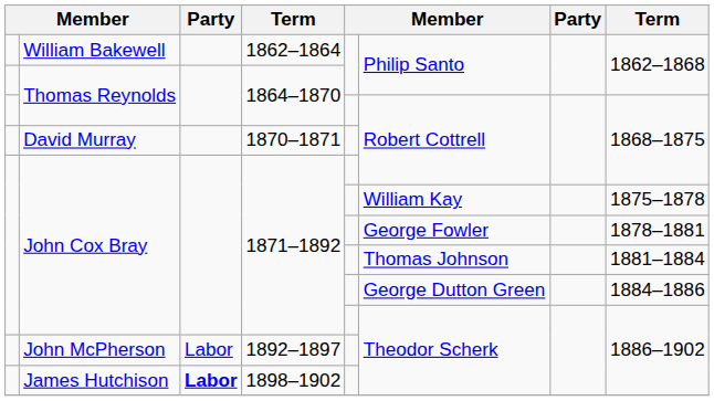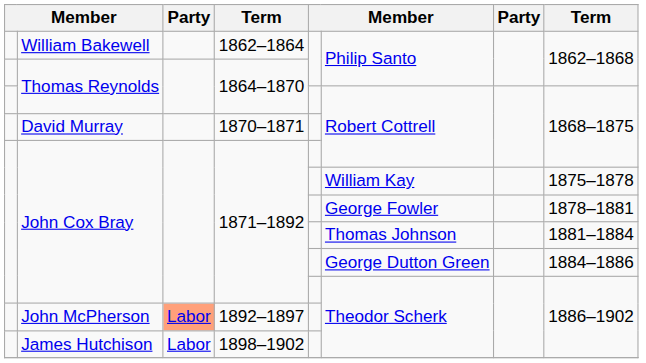 <table class="wikitable">
 <tr>
 <th colspan=2>Member</th>
 <th>Party</th>
 <th>Term</th>
 <th colspan=2>Member</th>
 <th>Party</th>
 <th>Term</th>
 </tr>
 <tr>
 <td> </td>
 <td><a href='#'>William Bakewell</a></td>
 <td></td>
 <td>1862–1864</td>
 <td rowspan=2 > </td>
 <td rowspan=2><a href='#'>Philip Santo</a></td>
 <td rowspan=2></td>
 <td rowspan=2>1862–1868</td>
 </tr>
 <tr>
 <td> </td>
 <td rowspan=2><a href='#'>Thomas Reynolds</a></td>
 <td rowspan=2></td>
 <td rowspan=2>1864–1870</td>
 </tr>
 <tr>
 <td> </td>
 <td> </td>
 <td rowspan=3><a href='#'>Robert Cottrell</a></td>
 <td rowspan=3></td>
 <td rowspan=3>1868–1875</td>
 </tr>
 <tr>
 <td> </td>
 <td><a href='#'>David Murray</a></td>
 <td></td>
 <td>1870–1871</td>
 <td> </td>
 </tr>
 <tr>
 <td rowspan=6 > </td>
 <td rowspan=6><a href='#'>John Cox Bray</a></td>
 <td rowspan=6></td>
 <td rowspan=6>1871–1892</td>
 <td> </td>
 </tr>
 <tr>
 <td> </td>
 <td><a href='#'>William Kay</a></td>
 <td></td>
 <td>1875–1878</td>
 </tr>
 <tr>
 <td> </td>
 <td><a href='#'>George Fowler</a></td>
 <td></td>
 <td>1878–1881</td>
 </tr>
 <tr>
 <td> </td>
 <td><a href='#'>Thomas Johnson</a></td>
 <td></td>
 <td>1881–1884</td>
 </tr>
 <tr>
 <td> </td>
 <td><a href='#'>George Dutton Green</a></td>
 <td></td>
 <td>1884–1886</td>
 </tr>
 <tr>
 <td> </td>
 <td rowspan=3><a href='#'>Theodor Scherk</a></td>
 <td rowspan=3></td>
 <td rowspan=3>1886–1902</td>
 </tr>
 <tr>
 <td> </td>
 <td><a href='#'>John McPherson</a></td>
-<td><a href='#'>Labor</a></td>
+<td style="background: lightsalmon;"><a href='#'>Labor</a></td>
 <td>1892–1897</td>
 <td> </td>
 </tr>
 <tr>
 <td> </td>
 <td><a href='#'>James Hutchison</a></td>
-<td><strong><a href='#'>Labor</a></strong></td>
+<td><a href='#'>Labor</a></td>
 <td>1898–1902</td>
 <td> </td>
 </tr>
 <tr>
 </tr>
 </table>
